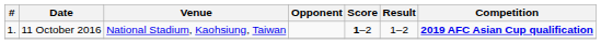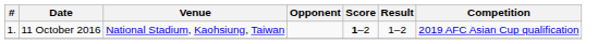 <table class="wikitable">
 <tr>
 <th>#</th>
 <th>Date</th>
 <th>Venue</th>
 <th>Opponent</th>
 <th>Score</th>
 <th>Result</th>
 <th>Competition</th>
 </tr>
 <tr>
 <td>1.</td>
 <td>11 October 2016</td>
 <td><a href='#'>National Stadium</a>, <a href='#'>Kaohsiung</a>, <a href='#'>Taiwan</a></td>
 <td></td>
 <td align=center><strong>1</strong>–2</td>
 <td align=center>1–2</td>
-<td><strong><a href='#'>2019 AFC Asian Cup qualification</a></strong></td>
+<td><a href='#'>2019 AFC Asian Cup qualification</a></td>
 </tr>
 <tr>
 </tr>
 </table>
